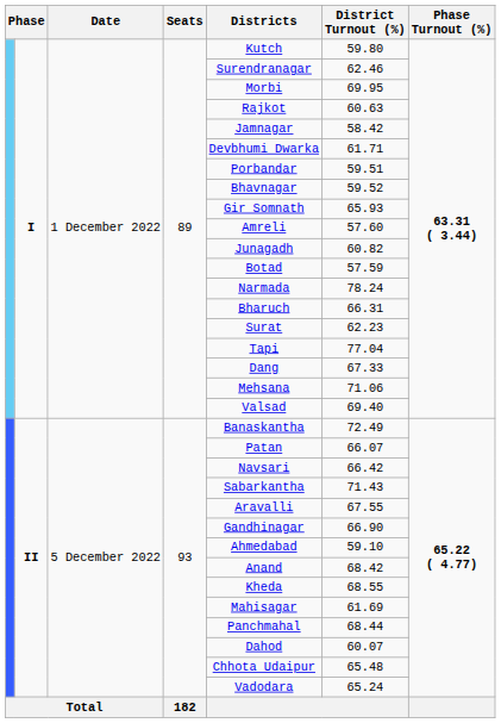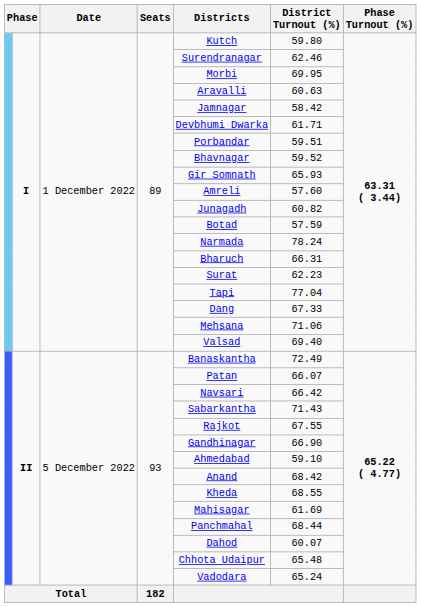 <table class="wikitable sortable" style="text-align:center">
 <tr>
 <th colspan="2">Phase</th>
 <th>Date</th>
 <th>Seats</th>
 <th>Districts</th>
 <th>District <br>Turnout (%)</th>
 <th>Phase <br>Turnout (%)</th>
 </tr>
 <tr>
 <td rowspan="19" style="background:#65cdf4;"></td>
 <td rowspan="19"><strong>I</strong></td>
 <td rowspan="19">1 December 2022</td>
 <td rowspan="19">89</td>
 <td><a href='#'>Kutch</a></td>
 <td>59.80</td>
 <td rowspan="19"><strong>63.31</strong> <br><strong>( 3.44)</strong></td>
 </tr>
 <tr>
 <td><a href='#'>Surendranagar</a></td>
 <td>62.46</td>
 </tr>
 <tr>
 <td><a href='#'>Morbi</a></td>
 <td>69.95</td>
 </tr>
 <tr>
-<td><a href='#'>Rajkot</a></td>
+<td><a href='#'>Aravalli</a></td>
 <td>60.63</td>
 </tr>
 <tr>
 <td><a href='#'>Jamnagar</a></td>
 <td>58.42</td>
 </tr>
 <tr>
 <td><a href='#'>Devbhumi Dwarka</a></td>
 <td>61.71</td>
 </tr>
 <tr>
 <td><a href='#'>Porbandar</a></td>
 <td>59.51</td>
 </tr>
 <tr>
 <td><a href='#'>Bhavnagar</a></td>
 <td>59.52</td>
 </tr>
 <tr>
 <td><a href='#'>Gir Somnath</a></td>
 <td>65.93</td>
 </tr>
 <tr>
 <td><a href='#'>Amreli</a></td>
 <td>57.60</td>
 </tr>
 <tr>
 <td><a href='#'>Junagadh</a></td>
 <td>60.82</td>
 </tr>
 <tr>
 <td><a href='#'>Botad</a></td>
 <td>57.59</td>
 </tr>
 <tr>
 <td><a href='#'>Narmada</a></td>
 <td>78.24</td>
 </tr>
 <tr>
 <td><a href='#'>Bharuch</a></td>
 <td>66.31</td>
 </tr>
 <tr>
 <td><a href='#'>Surat</a></td>
 <td>62.23</td>
 </tr>
 <tr>
 <td><a href='#'>Tapi</a></td>
 <td>77.04</td>
 </tr>
 <tr>
 <td><a href='#'>Dang</a></td>
 <td>67.33</td>
 </tr>
 <tr>
 <td><a href='#'>Mehsana</a></td>
 <td>71.06</td>
 </tr>
 <tr>
 <td><a href='#'>Valsad</a></td>
 <td>69.40</td>
 </tr>
 <tr>
 <td rowspan="14" style="background:#365dff;"></td>
 <td rowspan="14"><strong>II</strong></td>
 <td rowspan="14">5 December 2022</td>
 <td rowspan="14">93</td>
 <td><a href='#'>Banaskantha</a></td>
 <td>72.49</td>
 <td rowspan="14"><strong>65.22</strong> <br><strong>( 4.77)</strong></td>
 </tr>
 <tr>
 <td><a href='#'>Patan</a></td>
 <td>66.07</td>
 </tr>
 <tr>
 <td><a href='#'>Navsari</a></td>
 <td>66.42</td>
 </tr>
 <tr>
 <td><a href='#'>Sabarkantha</a></td>
 <td>71.43</td>
 </tr>
 <tr>
-<td><a href='#'>Aravalli</a></td>
+<td><a href='#'>Rajkot</a></td>
 <td>67.55</td>
 </tr>
 <tr>
 <td><a href='#'>Gandhinagar</a></td>
 <td>66.90</td>
 </tr>
 <tr>
 <td><a href='#'>Ahmedabad</a></td>
 <td>59.10</td>
 </tr>
 <tr>
 <td><a href='#'>Anand</a></td>
 <td>68.42</td>
 </tr>
 <tr>
 <td><a href='#'>Kheda</a></td>
 <td>68.55</td>
 </tr>
 <tr>
 <td><a href='#'>Mahisagar</a></td>
 <td>61.69</td>
 </tr>
 <tr>
 <td><a href='#'>Panchmahal</a></td>
 <td>68.44</td>
 </tr>
 <tr>
 <td><a href='#'>Dahod</a></td>
 <td>60.07</td>
 </tr>
 <tr>
 <td><a href='#'>Chhota Udaipur</a></td>
 <td>65.48</td>
 </tr>
 <tr>
 <td><a href='#'>Vadodara</a></td>
 <td>65.24</td>
 </tr>
 <tr>
 <th colspan="3">Total</th>
 <th>182</th>
 <th colspan="2"></th>
 <th></th>
 </tr>
 </table>
